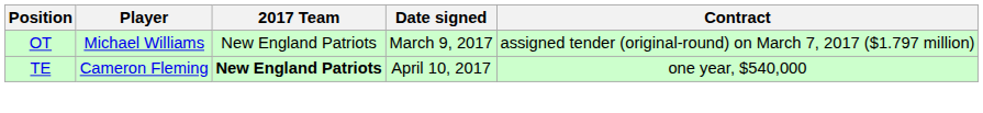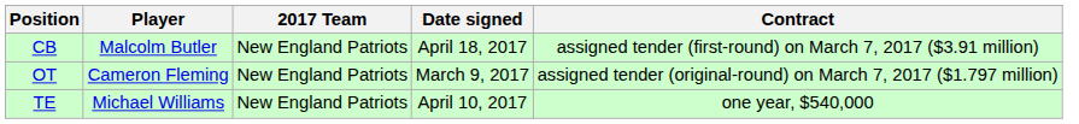 <table class="wikitable" style="text-align:center">
 <tr>
 <th>Position</th>
 <th>Player</th>
 <th>2017 Team</th>
 <th>Date signed</th>
 <th>Contract</th>
 </tr>
 <tr style="background:#cfc">
+<td><a href='#'>CB</a></td>
+<td><a href='#'>Malcolm Butler</a></td>
+<td>New England Patriots</td>
+<td>April 18, 2017</td>
+<td>assigned tender (first-round) on March 7, 2017 ($3.91 million)</td>
+</tr>
+<tr style="background:#cfc">
 <td><a href='#'>OT</a></td>
-<td><a href='#'>Michael Williams</a></td>
+<td><a href='#'>Cameron Fleming</a></td>
 <td>New England Patriots</td>
 <td>March 9, 2017</td>
 <td>assigned tender (original-round) on March 7, 2017 ($1.797 million)</td>
 </tr>
 <tr style="background:#cfc">
 <td><a href='#'>TE</a></td>
-<td><a href='#'>Cameron Fleming</a></td>
-<td><strong>New England Patriots</strong></td>
+<td><a href='#'>Michael Williams</a></td>
+<td>New England Patriots</td>
 <td>April 10, 2017</td>
 <td>one year, $540,000</td>
 </tr>
 </table>
